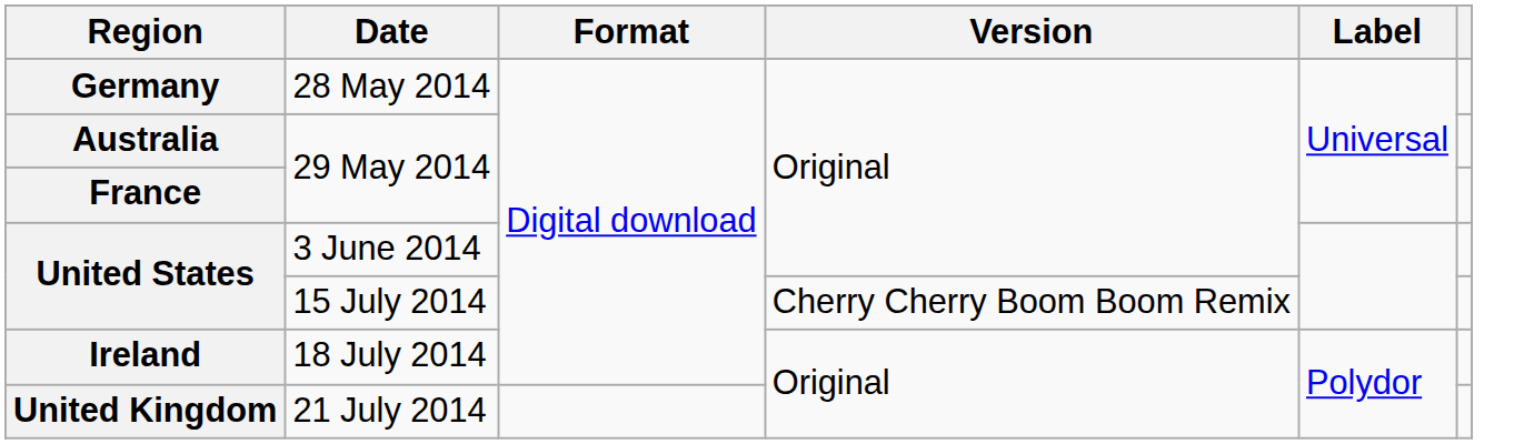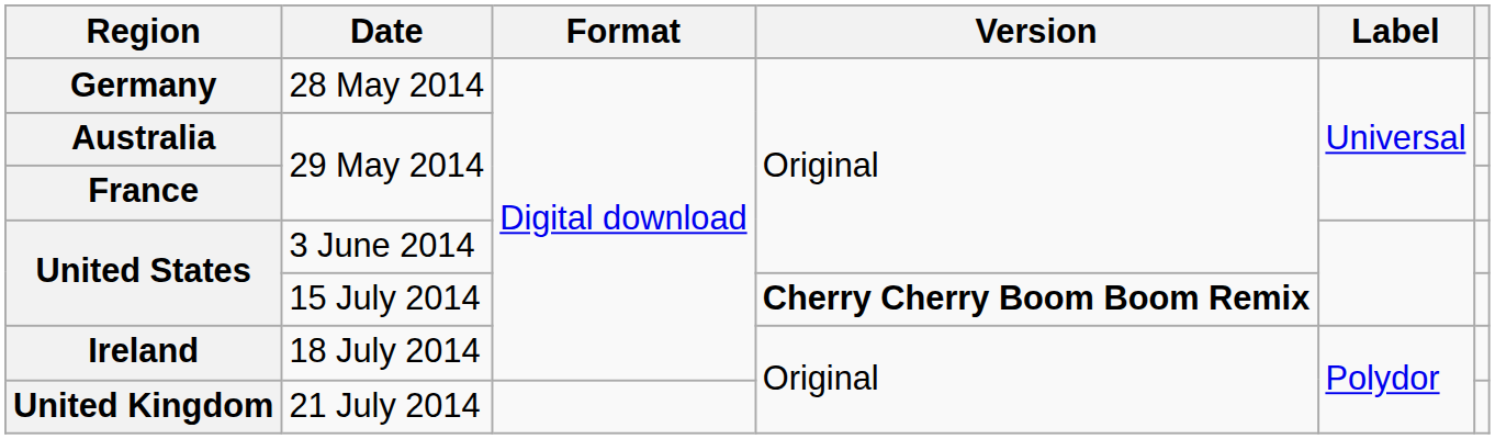 <table class="wikitable plainrowheaders">
 <tr>
 <th scope="col">Region</th>
 <th scope="col">Date</th>
 <th scope="col">Format</th>
 <th scope="col">Version</th>
 <th scope="col">Label</th>
 <th scope="col"></th>
 </tr>
 <tr>
 <th scope="row">Germany</th>
 <td>28 May 2014</td>
 <td rowspan="6"><a href='#'>Digital download</a></td>
 <td rowspan="4">Original</td>
 <td rowspan="3"><a href='#'>Universal</a></td>
 <td align="center"></td>
 </tr>
 <tr>
 <th scope="row">Australia</th>
 <td rowspan="2">29 May 2014</td>
 <td align="center"></td>
 </tr>
 <tr>
 <th scope="row">France</th>
 <td align="center"></td>
 </tr>
 <tr>
 <th scope="row" rowspan="2">United States</th>
 <td>3 June 2014</td>
 <td rowspan="2"></td>
 <td align="center"></td>
 </tr>
 <tr>
 <td>15 July 2014</td>
-<td>Cherry Cherry Boom Boom Remix</td>
+<td><strong>Cherry Cherry Boom Boom Remix</strong></td>
 <td align="center"></td>
 </tr>
 <tr>
 <th scope="row">Ireland</th>
 <td>18 July 2014</td>
 <td rowspan="2">Original</td>
 <td rowspan="2"><a href='#'>Polydor</a></td>
 <td align="center"></td>
 </tr>
 <tr>
 <th scope="row">United Kingdom</th>
 <td>21 July 2014</td>
 <td></td>
 <td align="center"></td>
 </tr>
 </table>
